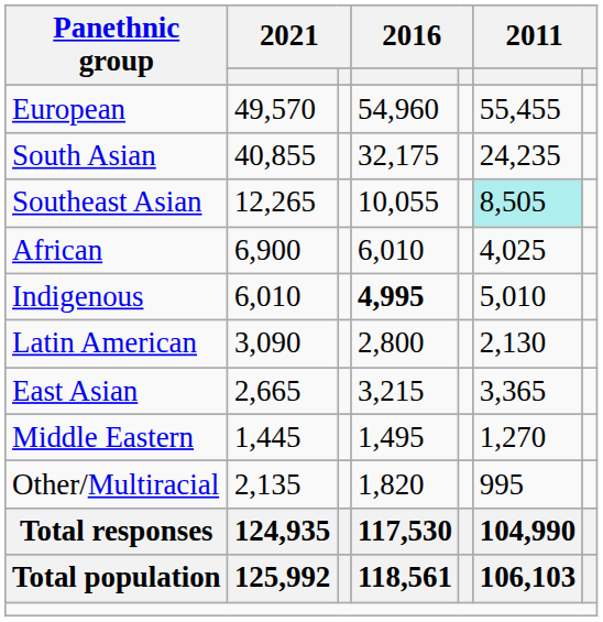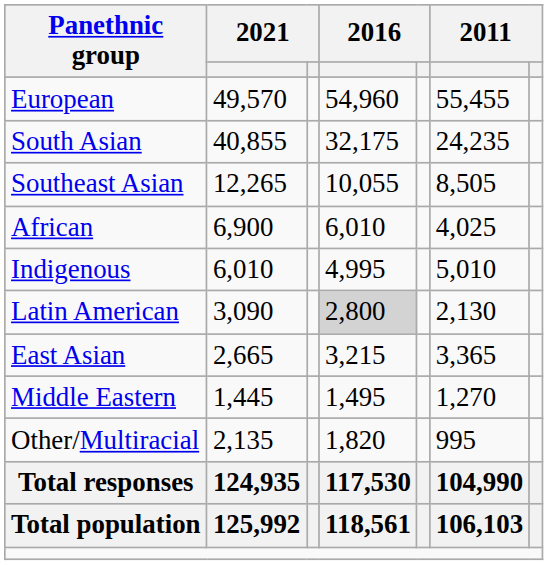 <table class="wikitable collapsible sortable">
 <tr>
 <th rowspan="2"><a href='#'>Panethnic</a><br>group</th>
 <th colspan="2">2021</th>
 <th colspan="2">2016</th>
 <th colspan="2">2011</th>
 </tr>
 <tr>
 <th><a href='#'></a></th>
 <th></th>
 <th></th>
 <th></th>
 <th></th>
 <th></th>
 </tr>
 <tr>
 <td><a href='#'>European</a></td>
 <td>49,570</td>
 <td></td>
 <td>54,960</td>
 <td></td>
 <td>55,455</td>
 <td></td>
 </tr>
 <tr>
 <td><a href='#'>South Asian</a></td>
 <td>40,855</td>
 <td></td>
 <td>32,175</td>
 <td></td>
 <td>24,235</td>
 <td></td>
 </tr>
 <tr>
 <td><a href='#'>Southeast Asian</a></td>
 <td>12,265</td>
 <td></td>
 <td>10,055</td>
 <td></td>
-<td style="background: paleturquoise;">8,505</td>
+<td>8,505</td>
 <td></td>
 </tr>
 <tr>
 <td><a href='#'>African</a></td>
 <td>6,900</td>
 <td></td>
 <td>6,010</td>
 <td></td>
 <td>4,025</td>
 <td></td>
 </tr>
 <tr>
 <td><a href='#'>Indigenous</a></td>
 <td>6,010</td>
 <td></td>
-<td><strong>4,995</strong></td>
+<td>4,995</td>
 <td></td>
 <td>5,010</td>
 <td></td>
 </tr>
 <tr>
 <td><a href='#'>Latin American</a></td>
 <td>3,090</td>
 <td></td>
-<td>2,800</td>
+<td style="background: lightgrey;">2,800</td>
 <td></td>
 <td>2,130</td>
 <td></td>
 </tr>
 <tr>
 <td><a href='#'>East Asian</a></td>
 <td>2,665</td>
 <td></td>
 <td>3,215</td>
 <td></td>
 <td>3,365</td>
 <td></td>
 </tr>
 <tr>
 <td><a href='#'>Middle Eastern</a></td>
 <td>1,445</td>
 <td></td>
 <td>1,495</td>
 <td></td>
 <td>1,270</td>
 <td></td>
 </tr>
 <tr>
 <td>Other/<a href='#'>Multiracial</a></td>
 <td>2,135</td>
 <td></td>
 <td>1,820</td>
 <td></td>
 <td>995</td>
 <td></td>
 </tr>
 <tr>
 <th>Total responses</th>
 <th>124,935</th>
 <th></th>
 <th>117,530</th>
 <th></th>
 <th>104,990</th>
 <th></th>
 </tr>
 <tr>
 <th>Total population</th>
 <th>125,992</th>
 <th></th>
 <th>118,561</th>
 <th></th>
 <th>106,103</th>
 <th></th>
 </tr>
 <tr class="sortbottom">
 <td colspan="15"></td>
 </tr>
 </table>
